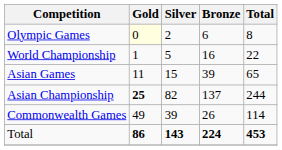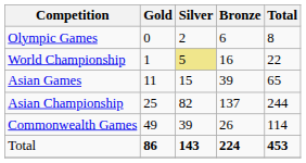 <table class="wikitable sortable">
 <tr>
 <th>Competition</th>
 <th>Gold</th>
 <th>Silver</th>
 <th>Bronze</th>
 <th>Total</th>
 </tr>
 <tr>
 <td><a href='#'>Olympic Games</a></td>
-<td style="background: lightyellow;">0</td>
+<td>0</td>
 <td>2</td>
 <td>6</td>
 <td>8</td>
 </tr>
 <tr>
 <td><a href='#'>World Championship</a></td>
 <td>1</td>
-<td>5</td>
+<td style="background: khaki;">5</td>
 <td>16</td>
 <td>22</td>
 </tr>
 <tr>
 <td><a href='#'>Asian Games</a></td>
 <td>11</td>
 <td>15</td>
 <td>39</td>
 <td>65</td>
 </tr>
 <tr>
 <td><a href='#'>Asian Championship</a></td>
-<td><strong>25</strong></td>
+<td>25</td>
 <td>82</td>
 <td>137</td>
 <td>244</td>
 </tr>
 <tr>
 <td><a href='#'>Commonwealth Games</a></td>
 <td>49</td>
 <td>39</td>
 <td>26</td>
 <td>114</td>
 </tr>
 <tr>
 <td>Total</td>
 <td><strong>86</strong></td>
 <td><strong>143</strong></td>
 <td><strong>224</strong></td>
 <td><strong>453</strong></td>
 </tr>
 <tr>
 </tr>
 </table>
